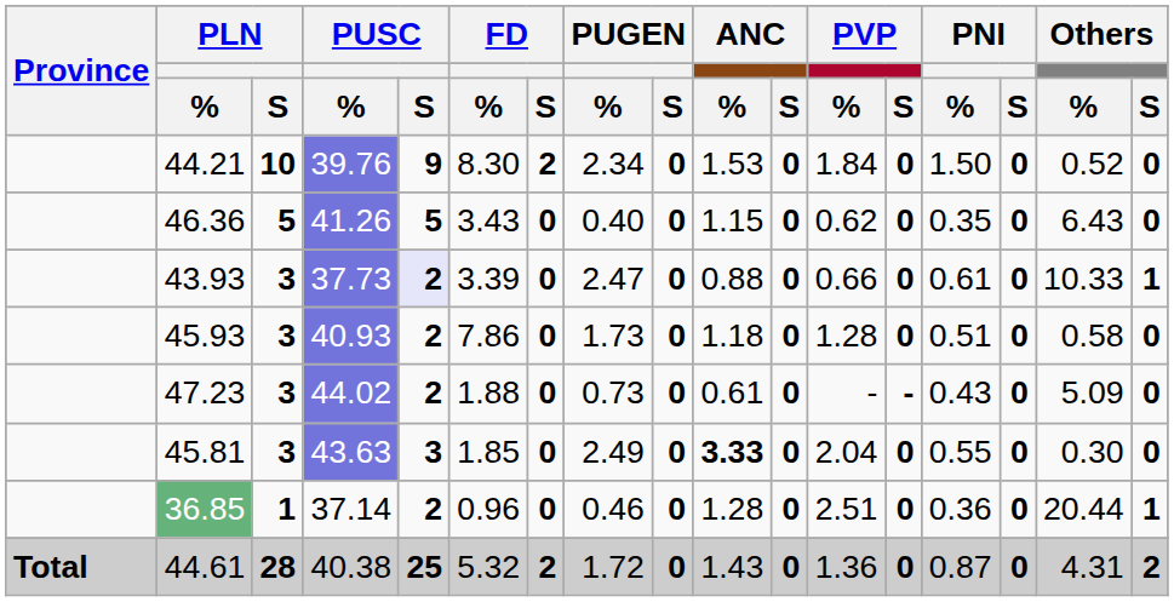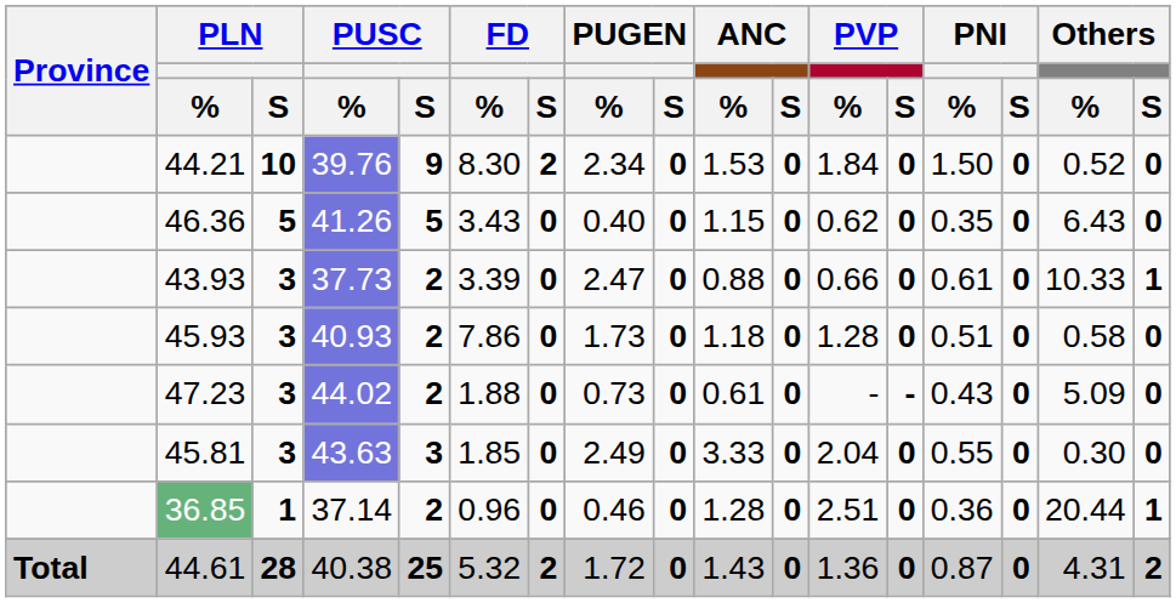 <table class="wikitable sortable" style="text-align:right; font-size:95%; line-height:20px;">
 <tr>
 <th rowspan="3"><a href='#'>Province</a></th>
 <th colspan="2" width="30px"><a href='#'>PLN</a></th>
 <th colspan="2" width="30px"><a href='#'>PUSC</a></th>
 <th colspan="2" width="30px"><a href='#'>FD</a></th>
 <th colspan="2" width="30px">PUGEN</th>
 <th colspan="2" width="30px">ANC</th>
 <th colspan="2" width="30px"><a href='#'>PVP</a></th>
 <th colspan="2" width="30px">PNI</th>
 <th colspan="2" width="30px">Others</th>
 </tr>
 <tr>
 <th colspan="2" style="background:"></th>
 <th colspan="2" style="background:"></th>
 <th colspan="2" style="background:"></th>
 <th colspan="2" style="background:"></th>
 <th colspan="2" style="background:saddlebrown"></th>
 <th colspan="2" style="background:#AD0430"></th>
 <th colspan="2" style="background:"></th>
 <th colspan="2" style="background:grey"></th>
 </tr>
 <tr>
 <th data-sort-type="number">%</th>
 <th data-sort-type="number">S</th>
 <th data-sort-type="number">%</th>
 <th data-sort-type="number">S</th>
 <th data-sort-type="number">%</th>
 <th data-sort-type="number">S</th>
 <th data-sort-type="number">%</th>
 <th data-sort-type="number">S</th>
 <th data-sort-type="number">%</th>
 <th data-sort-type="number">S</th>
 <th data-sort-type="number">%</th>
 <th data-sort-type="number">S</th>
 <th data-sort-type="number">%</th>
 <th data-sort-type="number">S</th>
 <th data-sort-type="number">%</th>
 <th data-sort-type="number">S</th>
 </tr>
 <tr>
 <td align="left"></td>
 <td style="background:">44.21</td>
 <td><strong>10</strong></td>
 <td style="background:#7373dc; color:white;">39.76</td>
 <td><strong>9</strong></td>
 <td>8.30</td>
 <td><strong>2</strong></td>
 <td>2.34</td>
 <td><strong>0</strong></td>
 <td>1.53</td>
 <td><strong>0</strong></td>
 <td>1.84</td>
 <td><strong>0</strong></td>
 <td>1.50</td>
 <td><strong>0</strong></td>
 <td>0.52</td>
 <td><strong>0</strong></td>
 </tr>
 <tr>
 <td align="left"></td>
 <td style="background:">46.36</td>
 <td><strong>5</strong></td>
 <td style="background:#7373dc; color:white;">41.26</td>
 <td><strong>5</strong></td>
 <td>3.43</td>
 <td><strong>0</strong></td>
 <td>0.40</td>
 <td><strong>0</strong></td>
 <td>1.15</td>
 <td><strong>0</strong></td>
 <td>0.62</td>
 <td><strong>0</strong></td>
 <td>0.35</td>
 <td><strong>0</strong></td>
 <td>6.43</td>
 <td><strong>0</strong></td>
 </tr>
 <tr>
 <td align="left"></td>
 <td style="background:">43.93</td>
 <td><strong>3</strong></td>
 <td style="background:#7373dc; color:white;">37.73</td>
-<td style="background: lavender;"><strong>2</strong></td>
+<td><strong>2</strong></td>
 <td>3.39</td>
 <td><strong>0</strong></td>
 <td>2.47</td>
 <td><strong>0</strong></td>
 <td>0.88</td>
 <td><strong>0</strong></td>
 <td>0.66</td>
 <td><strong>0</strong></td>
 <td>0.61</td>
 <td><strong>0</strong></td>
 <td>10.33</td>
 <td><strong>1</strong></td>
 </tr>
 <tr>
 <td align="left"></td>
 <td style="background:">45.93</td>
 <td><strong>3</strong></td>
 <td style="background:#7373dc; color:white;">40.93</td>
 <td><strong>2</strong></td>
 <td>7.86</td>
 <td><strong>0</strong></td>
 <td>1.73</td>
 <td><strong>0</strong></td>
 <td>1.18</td>
 <td><strong>0</strong></td>
 <td>1.28</td>
 <td><strong>0</strong></td>
 <td>0.51</td>
 <td><strong>0</strong></td>
 <td>0.58</td>
 <td><strong>0</strong></td>
 </tr>
 <tr>
 <td align="left"></td>
 <td style="background:">47.23</td>
 <td><strong>3</strong></td>
 <td style="background:#7373dc; color:white;">44.02</td>
 <td><strong>2</strong></td>
 <td>1.88</td>
 <td><strong>0</strong></td>
 <td>0.73</td>
 <td><strong>0</strong></td>
 <td>0.61</td>
 <td><strong>0</strong></td>
 <td>-</td>
 <td><strong>-</strong></td>
 <td>0.43</td>
 <td><strong>0</strong></td>
 <td>5.09</td>
 <td><strong>0</strong></td>
 </tr>
 <tr>
 <td align="left"></td>
 <td style="background:">45.81</td>
 <td><strong>3</strong></td>
 <td style="background:#7373dc; color:white;">43.63</td>
 <td><strong>3</strong></td>
 <td>1.85</td>
 <td><strong>0</strong></td>
 <td>2.49</td>
 <td><strong>0</strong></td>
-<td><strong>3.33</strong></td>
+<td>3.33</td>
 <td><strong>0</strong></td>
 <td>2.04</td>
 <td><strong>0</strong></td>
 <td>0.55</td>
 <td><strong>0</strong></td>
 <td>0.30</td>
 <td><strong>0</strong></td>
 </tr>
 <tr>
 <td align="left"></td>
 <td style="background:#66B27B; color:white;">36.85</td>
 <td><strong>1</strong></td>
 <td style="background:">37.14</td>
 <td><strong>2</strong></td>
 <td>0.96</td>
 <td><strong>0</strong></td>
 <td>0.46</td>
 <td><strong>0</strong></td>
 <td>1.28</td>
 <td><strong>0</strong></td>
 <td>2.51</td>
 <td><strong>0</strong></td>
 <td>0.36</td>
 <td><strong>0</strong></td>
 <td>20.44</td>
 <td><strong>1</strong></td>
 </tr>
 <tr style="background:#CDCDCD;">
 <td align="left"><strong>Total</strong></td>
 <td style="background:">44.61</td>
 <td><strong>28</strong></td>
 <td>40.38</td>
 <td><strong>25</strong></td>
 <td>5.32</td>
 <td><strong>2</strong></td>
 <td>1.72</td>
 <td><strong>0</strong></td>
 <td>1.43</td>
 <td><strong>0</strong></td>
 <td>1.36</td>
 <td><strong>0</strong></td>
 <td>0.87</td>
 <td><strong>0</strong></td>
 <td>4.31</td>
 <td><strong>2</strong></td>
 </tr>
 </table>
